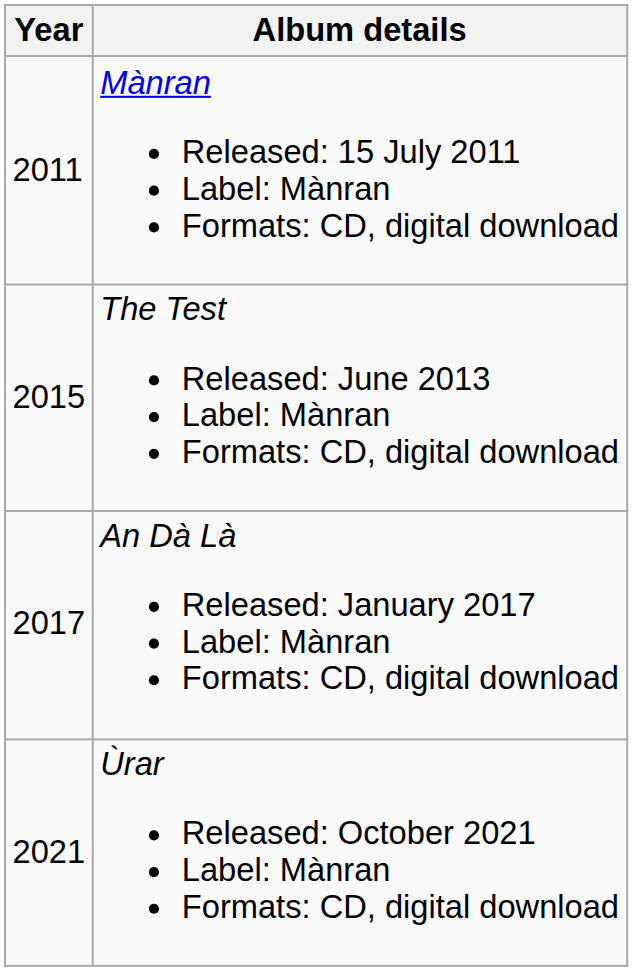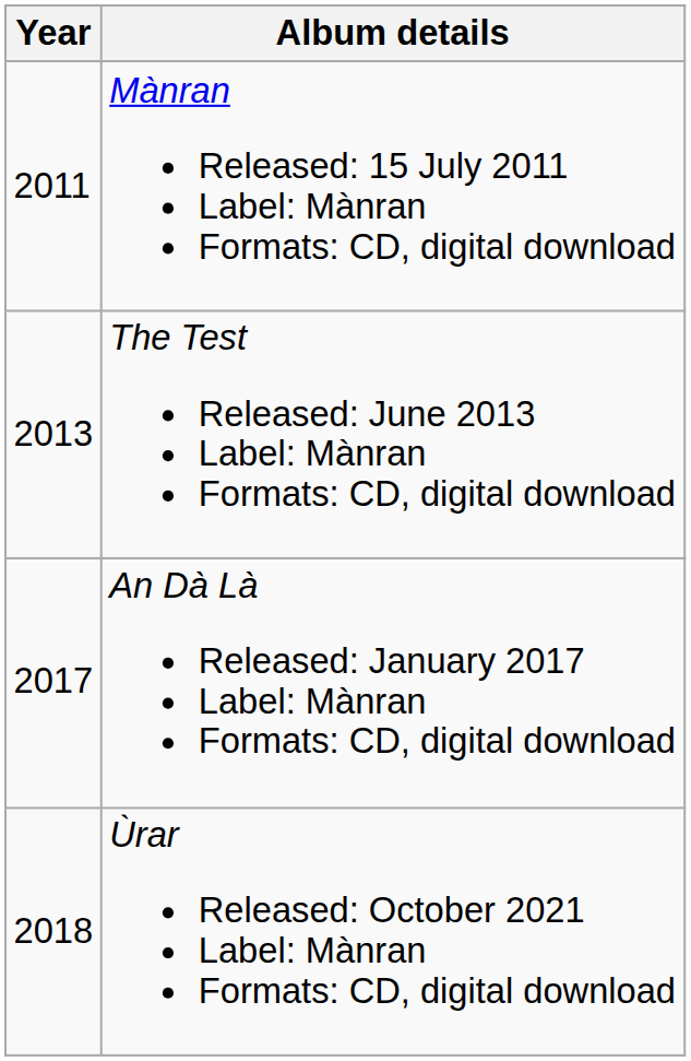 <table class="wikitable">
 <tr>
 <th rowspan="1">Year</th>
 <th rowspan="1">Album details</th>
 </tr>
 <tr>
 <td>2011</td>
 <td><em><a href='#'>Mànran</a></em><br><ul><li>Released: 15 July 2011</li><li>Label: Mànran</li><li>Formats: CD, digital download</li></ul></td>
 </tr>
 <tr>
-<td>2015</td>
+<td>2013</td>
 <td><em>The Test</em><br><ul><li>Released: June 2013</li><li>Label: Mànran</li><li>Formats: CD, digital download</li></ul></td>
 </tr>
 <tr>
 <td>2017</td>
 <td><em>An Dà Là</em><br><ul><li>Released: January 2017</li><li>Label: Mànran</li><li>Formats: CD, digital download</li></ul></td>
 </tr>
 <tr>
-<td>2021</td>
+<td>2018</td>
 <td><em>Ùrar</em><br><ul><li>Released: October 2021</li><li>Label: Mànran</li><li>Formats: CD, digital download</li></ul></td>
 </tr>
 </table>
